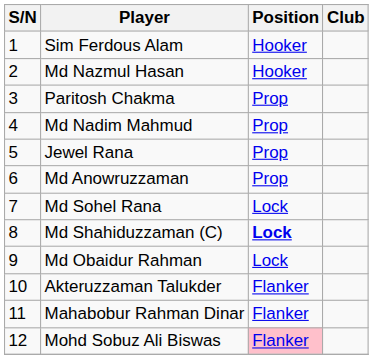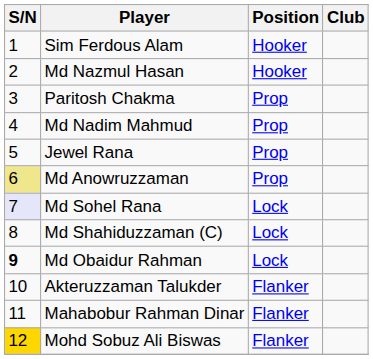 <table class="wikitable">
 <tr>
 <th>S/N</th>
 <th>Player</th>
 <th>Position</th>
 <th>Club</th>
 </tr>
 <tr>
 <td>1</td>
 <td>Sim Ferdous Alam</td>
 <td><a href='#'>Hooker</a></td>
 <td></td>
 </tr>
 <tr>
 <td>2</td>
 <td>Md Nazmul Hasan</td>
 <td><a href='#'>Hooker</a></td>
 <td></td>
 </tr>
 <tr>
 <td>3</td>
 <td>Paritosh Chakma</td>
 <td><a href='#'>Prop</a></td>
 <td></td>
 </tr>
 <tr>
 <td>4</td>
 <td>Md Nadim Mahmud</td>
 <td><a href='#'>Prop</a></td>
 <td></td>
 </tr>
 <tr>
 <td>5</td>
 <td>Jewel Rana</td>
 <td><a href='#'>Prop</a></td>
 <td></td>
 </tr>
 <tr>
-<td>6</td>
+<td style="background: khaki;">6</td>
 <td>Md Anowruzzaman</td>
 <td><a href='#'>Prop</a></td>
 <td></td>
 </tr>
 <tr>
-<td>7</td>
+<td style="background: lavender;">7</td>
 <td>Md Sohel Rana</td>
 <td><a href='#'>Lock</a></td>
 <td></td>
 </tr>
 <tr>
 <td>8</td>
 <td>Md Shahiduzzaman (C)</td>
-<td><strong><a href='#'>Lock</a></strong></td>
+<td><a href='#'>Lock</a></td>
 <td></td>
 </tr>
 <tr>
-<td>9</td>
+<td><strong>9</strong></td>
 <td>Md Obaidur Rahman</td>
 <td><a href='#'>Lock</a></td>
 <td></td>
 </tr>
 <tr>
 <td>10</td>
 <td>Akteruzzaman Talukder</td>
 <td><a href='#'>Flanker</a></td>
 <td></td>
 </tr>
 <tr>
 <td>11</td>
 <td>Mahabobur Rahman Dinar</td>
 <td><a href='#'>Flanker</a></td>
 <td></td>
 </tr>
 <tr>
-<td>12</td>
+<td style="background: gold;">12</td>
 <td>Mohd Sobuz Ali Biswas</td>
-<td style="background: pink;"><a href='#'>Flanker</a></td>
+<td><a href='#'>Flanker</a></td>
 <td></td>
 </tr>
 <tr>
 </tr>
 </table>
